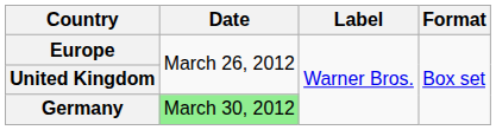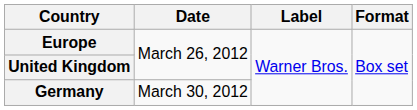 <table class="wikitable plainrowheaders">
 <tr>
 <th scope="col">Country</th>
 <th scope="col">Date</th>
 <th scope="col">Label</th>
 <th scope="col">Format</th>
 </tr>
 <tr>
 <th scope="row">Europe</th>
 <td rowspan="2">March 26, 2012</td>
 <td rowspan="3"><a href='#'>Warner Bros.</a></td>
 <td rowspan="3"><a href='#'>Box set</a></td>
 </tr>
 <tr>
 <th scope="row">United Kingdom</th>
 </tr>
 <tr>
 <th scope="row">Germany</th>
-<td style="background: lightgreen;">March 30, 2012</td>
+<td>March 30, 2012</td>
 </tr>
 </table>
